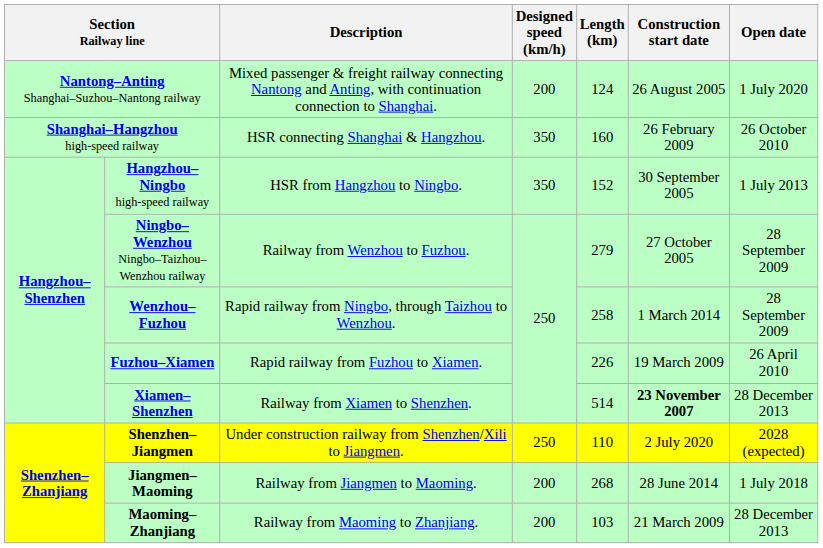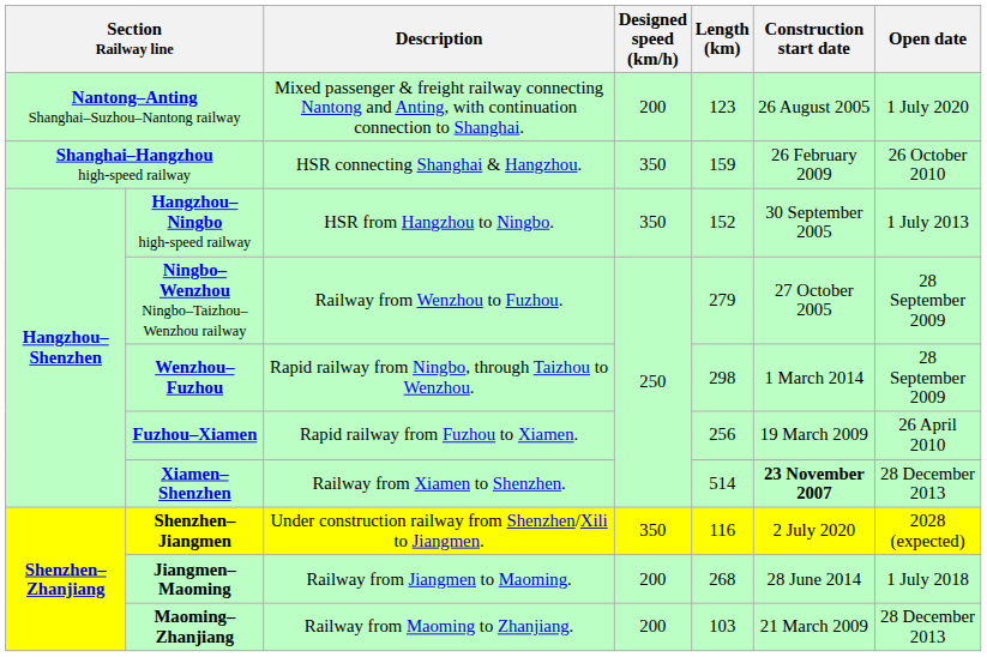 <table class="wikitable sortable" width="70%" style="font-size:100%;text-align: center;">
 <tr>
 <th colspan="2"><strong>Section</strong> <br> <small> Railway line </small></th>
 <th><strong>Description</strong></th>
 <th><strong>Designed <br> speed <br> (km/h)</strong> <br></th>
 <th><strong>Length <br> (km)</strong> <br></th>
 <th><strong>Construction <br> start date</strong> <br></th>
 <th><strong>Open date</strong> <br></th>
 </tr>
 <tr style="background:#bcffc5;">
 <td colspan="2"><strong><a href='#'>Nantong–Anting</a></strong> <br> <small> Shanghai–Suzhou–Nantong railway</small></td>
 <td>Mixed passenger & freight railway connecting <a href='#'>Nantong</a> and <a href='#'>Anting</a>, with continuation connection to <a href='#'>Shanghai</a>.</td>
 <td>200</td>
-<td>124</td>
+<td>123</td>
 <td>26 August 2005</td>
 <td>1 July 2020</td>
 </tr>
 <tr style="background:#bcffc5;">
 <td colspan="2"><strong><a href='#'>Shanghai–Hangzhou</a></strong> <br> <small> high-speed railway </small></td>
 <td>HSR connecting <a href='#'>Shanghai</a> & <a href='#'>Hangzhou</a>.</td>
 <td>350</td>
-<td>160</td>
+<td>159</td>
 <td>26 February 2009</td>
 <td>26 October 2010</td>
 </tr>
 <tr style="background:#bcffc5;">
 <td rowspan="5"><strong><a href='#'>Hangzhou–Shenzhen</a></strong></td>
 <td style="font-size:100%; "><strong><a href='#'>Hangzhou–Ningbo</a></strong> <br> <small> high-speed railway</small></td>
 <td>HSR from <a href='#'>Hangzhou</a> to <a href='#'>Ningbo</a>.</td>
 <td>350</td>
 <td>152</td>
 <td>30 September 2005</td>
 <td>1 July 2013</td>
 </tr>
 <tr style="background:#bcffc5;">
 <td style="font-size:100%;"><strong><a href='#'>Ningbo–Wenzhou</a></strong><br><small>Ningbo–Taizhou–Wenzhou railway</small></td>
 <td>Railway from <a href='#'>Wenzhou</a> to <a href='#'>Fuzhou</a>.</td>
 <td rowspan="4">250</td>
 <td>279</td>
 <td>27 October 2005</td>
 <td>28 September 2009</td>
 </tr>
 <tr style="background:#bcffc5;">
 <td><strong><a href='#'>Wenzhou–Fuzhou</a></strong></td>
 <td>Rapid railway from <a href='#'>Ningbo</a>, through <a href='#'>Taizhou</a> to <a href='#'>Wenzhou</a>.</td>
-<td>258</td>
+<td>298</td>
 <td>1 March 2014</td>
 <td>28 September 2009</td>
 </tr>
 <tr style="background:#bcffc5;">
 <td><strong><a href='#'>Fuzhou–Xiamen</a></strong></td>
 <td>Rapid railway from <a href='#'>Fuzhou</a> to <a href='#'>Xiamen</a>.</td>
-<td>226</td>
+<td>256</td>
 <td>19 March 2009</td>
 <td>26 April 2010</td>
 </tr>
 <tr style="background:#bcffc5;">
 <td><strong><a href='#'>Xiamen–Shenzhen</a></strong></td>
 <td>Railway from <a href='#'>Xiamen</a> to <a href='#'>Shenzhen</a>.</td>
 <td>514</td>
 <td><strong>23 November 2007</strong></td>
 <td>28 December 2013</td>
 </tr>
 <tr style="background:yellow;">
 <td rowspan="3"><strong><a href='#'>Shenzhen–Zhanjiang</a></strong></td>
 <td><strong>Shenzhen–Jiangmen</strong></td>
 <td>Under construction railway from <a href='#'>Shenzhen</a>/<a href='#'>Xili</a> to <a href='#'>Jiangmen</a>.</td>
-<td>250</td>
-<td>110</td>
+<td>350</td>
+<td>116</td>
 <td>2 July 2020</td>
 <td>2028 (expected)</td>
 </tr>
 <tr style="background:#bcffc5;">
 <td><strong>Jiangmen–Maoming</strong></td>
 <td>Railway from <a href='#'>Jiangmen</a> to <a href='#'>Maoming</a>.</td>
 <td>200</td>
 <td>268</td>
 <td>28 June 2014</td>
 <td>1 July 2018</td>
 </tr>
 <tr style="background:#bcffc5;">
 <td><strong>Maoming–Zhanjiang</strong></td>
 <td>Railway from <a href='#'>Maoming</a> to <a href='#'>Zhanjiang</a>.</td>
 <td>200</td>
 <td>103</td>
 <td>21 March 2009</td>
 <td>28 December 2013</td>
 </tr>
 </table>
